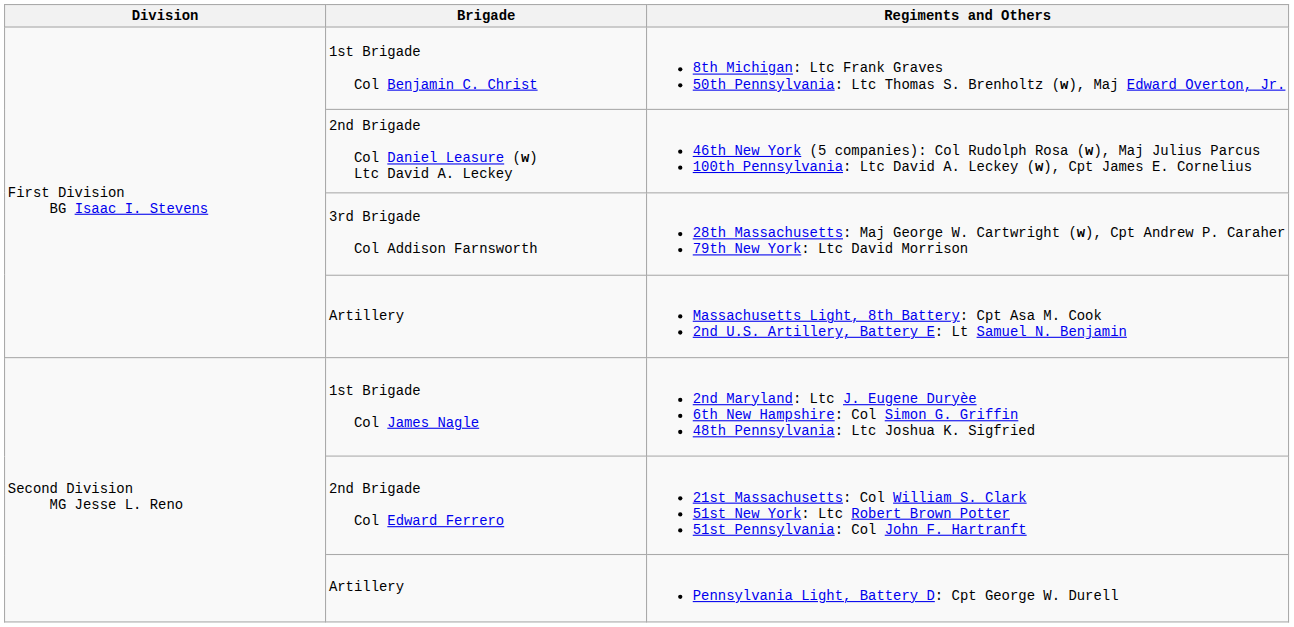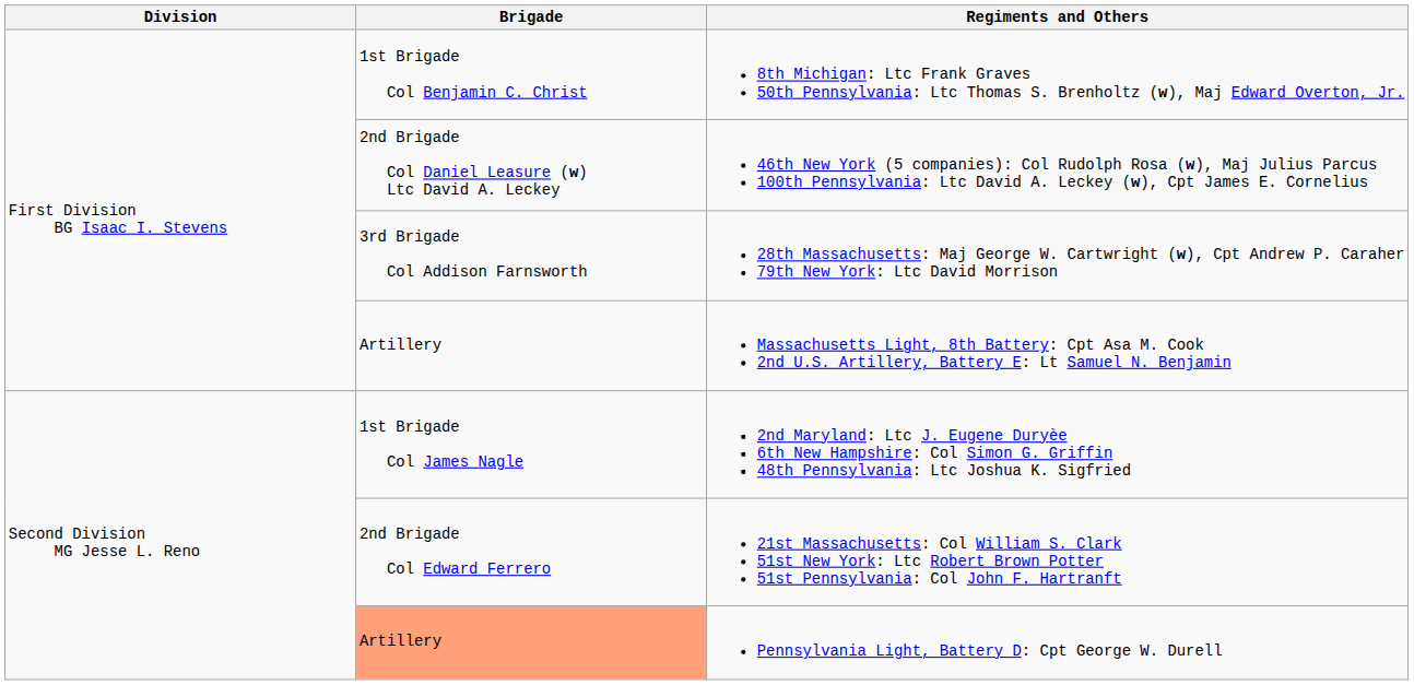 <table class="wikitable">
 <tr>
 <th width=25%>Division</th>
 <th width=25%>Brigade</th>
 <th>Regiments and Others</th>
 </tr>
 <tr>
 <td rowspan=4><br>First Division <br>     BG <a href='#'>Isaac I. Stevens</a></td>
 <td>1st Brigade<br><br>   Col <a href='#'>Benjamin C. Christ</a></td>
 <td><br><ul><li><a href='#'>8th Michigan</a>: Ltc Frank Graves</li><li><a href='#'>50th Pennsylvania</a>: Ltc Thomas S. Brenholtz (<strong>w</strong>), Maj <a href='#'>Edward Overton, Jr.</a></li></ul></td>
 </tr>
 <tr>
 <td>2nd Brigade<br><br>   Col <a href='#'>Daniel Leasure</a> (<strong>w</strong>) <br>   Ltc David A. Leckey</td>
 <td><br><ul><li><a href='#'>46th New York</a> (5 companies): Col Rudolph Rosa (<strong>w</strong>), Maj Julius Parcus</li><li><a href='#'>100th Pennsylvania</a>: Ltc David A. Leckey (<strong>w</strong>), Cpt James E. Cornelius</li></ul></td>
 </tr>
 <tr>
 <td>3rd Brigade<br><br>   Col Addison Farnsworth</td>
 <td><br><ul><li><a href='#'>28th Massachusetts</a>: Maj George W. Cartwright (<strong>w</strong>), Cpt Andrew P. Caraher</li><li><a href='#'>79th New York</a>: Ltc David Morrison</li></ul></td>
 </tr>
 <tr>
 <td>Artillery</td>
 <td><br><ul><li><a href='#'>Massachusetts Light, 8th Battery</a>: Cpt Asa M. Cook</li><li><a href='#'>2nd U.S. Artillery, Battery E</a>: Lt <a href='#'>Samuel N. Benjamin</a></li></ul></td>
 </tr>
 <tr>
 <td rowspan=3><br>Second Division <br>     MG Jesse L. Reno</td>
 <td>1st Brigade<br><br>   Col <a href='#'>James Nagle</a></td>
 <td><br><ul><li><a href='#'>2nd Maryland</a>: Ltc <a href='#'>J. Eugene Duryèe</a></li><li><a href='#'>6th New Hampshire</a>: Col <a href='#'>Simon G. Griffin</a></li><li><a href='#'>48th Pennsylvania</a>: Ltc Joshua K. Sigfried</li></ul></td>
 </tr>
 <tr>
 <td>2nd Brigade<br><br>   Col <a href='#'>Edward Ferrero</a></td>
 <td><br><ul><li><a href='#'>21st Massachusetts</a>: Col <a href='#'>William S. Clark</a></li><li><a href='#'>51st New York</a>: Ltc <a href='#'>Robert Brown Potter</a></li><li><a href='#'>51st Pennsylvania</a>: Col <a href='#'>John F. Hartranft</a></li></ul></td>
 </tr>
 <tr>
-<td>Artillery</td>
+<td style="background: lightsalmon;">Artillery</td>
 <td><br><ul><li><a href='#'>Pennsylvania Light, Battery D</a>: Cpt George W. Durell</li></ul></td>
 </tr>
 </table>
